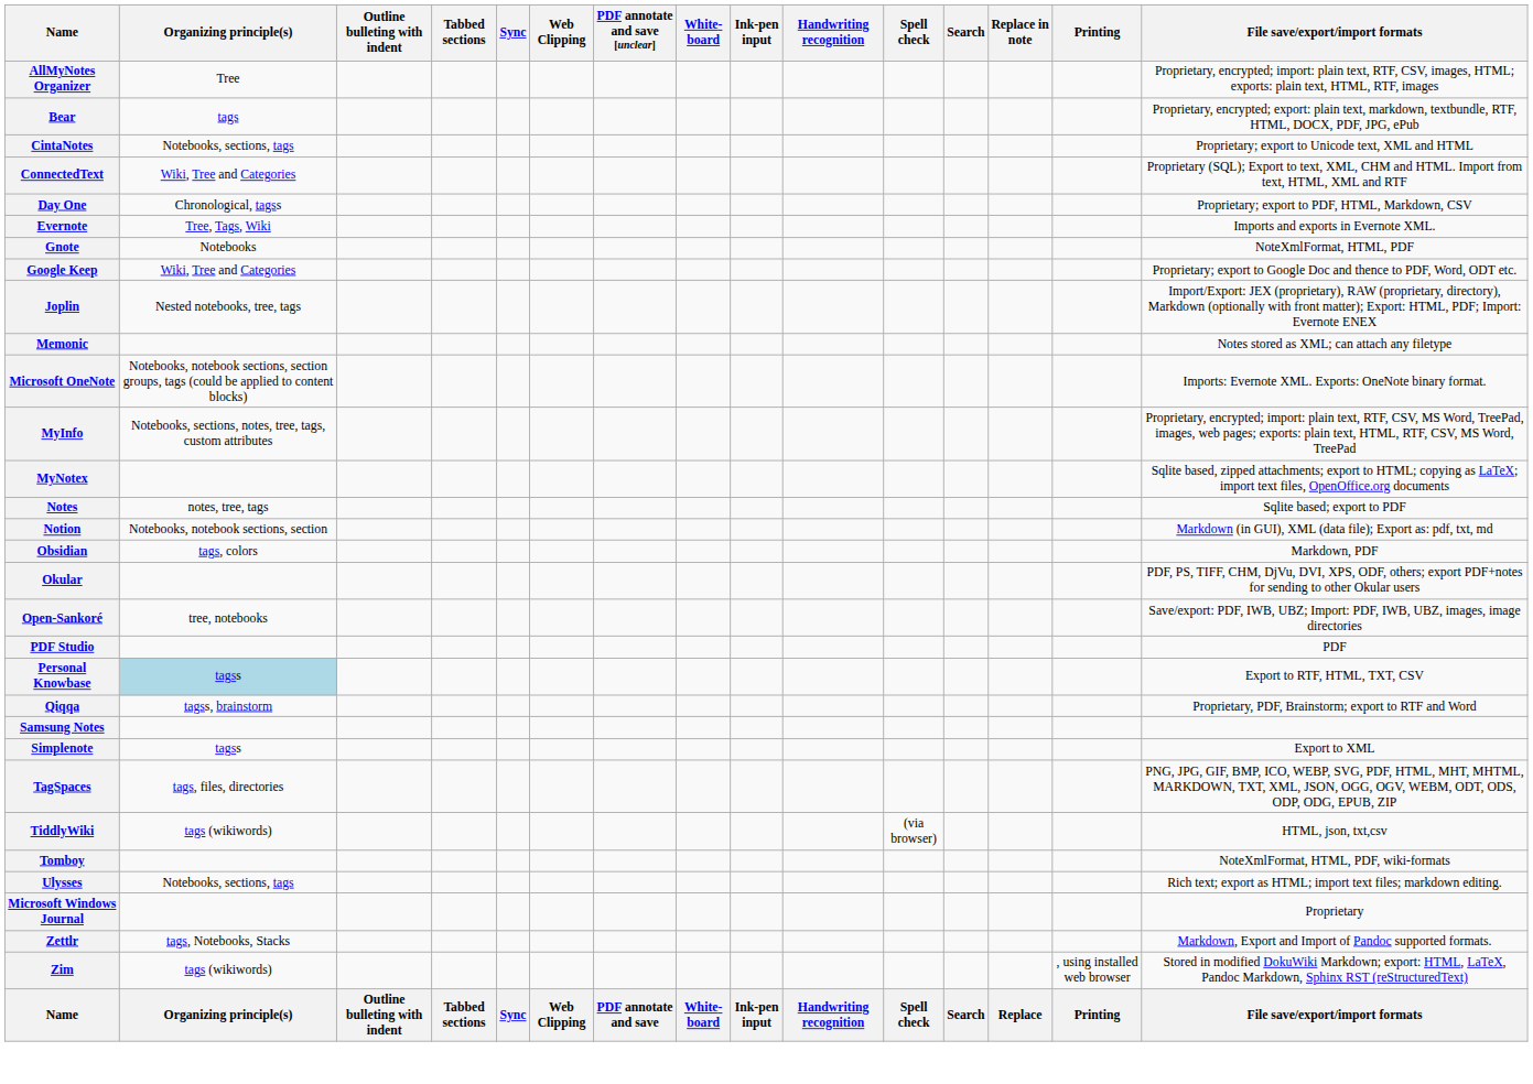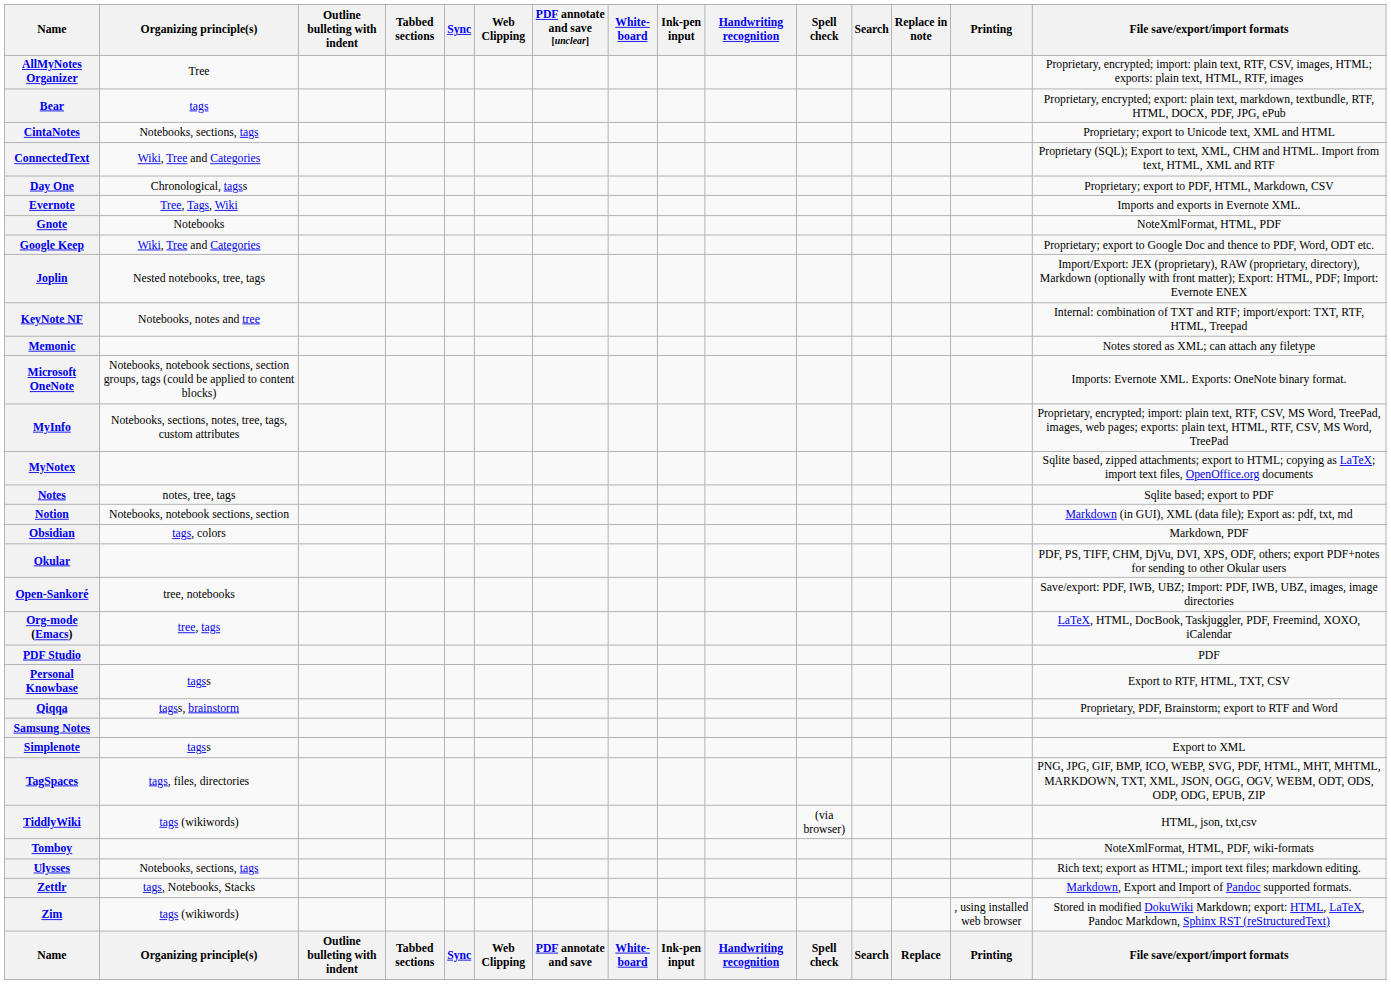 <table class="wikitable sortable sort-under sticky-header" style="font-size: smaller; text-align: center;">
 <tr>
 <th>Name</th>
 <th>Organizing principle(s)</th>
 <th>Outline bulleting with indent</th>
 <th>Tabbed sections</th>
 <th><a href='#'>Sync</a></th>
 <th>Web Clipping</th>
 <th><a href='#'>PDF</a> annotate and save<br><sup>[<em><span>unclear</span></em>]</sup></th>
 <th><a href='#'>White­board</a></th>
 <th>Ink-pen input</th>
 <th><a href='#'>Handwriting recognition</a></th>
 <th>Spell check</th>
 <th>Search</th>
 <th>Replace in note</th>
 <th>Printing</th>
 <th>File save/export/import formats</th>
 </tr>
 <tr>
 <th><a href='#'>AllMyNotes Organizer</a></th>
 <td> Tree</td>
 <td> </td>
 <td> </td>
 <td> </td>
 <td> </td>
 <td> </td>
 <td> </td>
 <td> </td>
 <td> </td>
 <td> </td>
 <td> </td>
 <td> </td>
 <td> </td>
 <td> Proprietary, encrypted; import: plain text, RTF, CSV, images, HTML; exports: plain text, HTML, RTF, images</td>
 </tr>
 <tr>
 <th><a href='#'>Bear</a></th>
 <td> <a href='#'>tags</a></td>
 <td> </td>
 <td> </td>
 <td> </td>
 <td> </td>
 <td> </td>
 <td> </td>
 <td> </td>
 <td> </td>
 <td> </td>
 <td> </td>
 <td> </td>
 <td> </td>
 <td> Proprietary, encrypted; export: plain text, markdown, textbundle, RTF, HTML, DOCX, PDF, JPG, ePub</td>
 </tr>
 <tr>
 <th><a href='#'>CintaNotes</a></th>
 <td> Notebooks, sections, <a href='#'>tags</a></td>
 <td> </td>
 <td> </td>
 <td> </td>
 <td> </td>
 <td> </td>
 <td> </td>
 <td> </td>
 <td> </td>
 <td> </td>
 <td> </td>
 <td> </td>
 <td> </td>
 <td> Proprietary; export to Unicode text, XML and HTML</td>
 </tr>
 <tr>
 <th><a href='#'>ConnectedText</a></th>
 <td> <a href='#'>Wiki</a>, <a href='#'>Tree</a> and <a href='#'>Categories</a></td>
 <td> </td>
 <td> </td>
 <td> </td>
 <td> </td>
 <td> </td>
 <td> </td>
 <td> </td>
 <td> </td>
 <td> </td>
 <td> </td>
 <td> </td>
 <td> </td>
 <td> Proprietary (SQL); Export to text, XML, CHM and HTML. Import from text, HTML, XML and RTF</td>
 </tr>
 <tr>
 <th><a href='#'>Day One</a></th>
 <td> Chronological, <a href='#'>tags</a>s</td>
 <td> </td>
 <td> </td>
 <td> </td>
 <td> </td>
 <td> </td>
 <td> </td>
 <td> </td>
 <td> </td>
 <td> </td>
 <td> </td>
 <td> </td>
 <td> </td>
 <td> Proprietary; export to PDF, HTML, Markdown, CSV</td>
 </tr>
 <tr>
 <th><a href='#'>Evernote</a></th>
 <td><a href='#'>Tree</a>, <a href='#'>Tags</a>, <a href='#'>Wiki</a></td>
 <td> </td>
 <td> </td>
 <td> </td>
 <td> </td>
 <td> </td>
 <td> </td>
 <td> </td>
 <td> </td>
 <td> </td>
 <td> </td>
 <td> </td>
 <td> </td>
 <td> Imports and exports in Evernote XML.</td>
 </tr>
 <tr>
 <th><a href='#'>Gnote</a></th>
 <td> Notebooks</td>
 <td> </td>
 <td> </td>
 <td> </td>
 <td> </td>
 <td> </td>
 <td> </td>
 <td> </td>
 <td> </td>
 <td> </td>
 <td> </td>
 <td> </td>
 <td> </td>
 <td> NoteXmlFormat, HTML, PDF</td>
 </tr>
 <tr>
 <th><a href='#'>Google Keep</a></th>
 <td> <a href='#'>Wiki</a>, <a href='#'>Tree</a> and <a href='#'>Categories</a></td>
 <td> </td>
 <td> </td>
 <td> </td>
 <td> </td>
 <td> </td>
 <td> </td>
 <td> </td>
 <td> </td>
 <td> </td>
 <td> </td>
 <td> </td>
 <td> </td>
 <td> Proprietary; export to Google Doc and thence to PDF, Word, ODT etc.</td>
 </tr>
 <tr>
 <th><a href='#'>Joplin</a></th>
 <td> Nested notebooks, tree, tags</td>
 <td> </td>
 <td> </td>
 <td> </td>
 <td> </td>
 <td> </td>
 <td> </td>
 <td> </td>
 <td> </td>
 <td> </td>
 <td> </td>
 <td> </td>
 <td> </td>
 <td> Import/Export: JEX (proprietary), RAW (proprietary, directory), Markdown (optionally with front matter); Export: HTML, PDF; Import: Evernote ENEX</td>
 </tr>
 <tr>
+<th><a href='#'>KeyNote NF</a></th>
+<td> Notebooks, notes and <a href='#'>tree</a></td>
+<td> </td>
+<td> </td>
+<td> </td>
+<td> </td>
+<td> </td>
+<td> </td>
+<td> </td>
+<td> </td>
+<td> </td>
+<td> </td>
+<td> </td>
+<td> </td>
+<td> Internal: combination of TXT and RTF; import/export: TXT, RTF, HTML, Treepad</td>
+</tr>
+<tr>
 <th><a href='#'>Memonic</a></th>
 <td> </td>
 <td> </td>
 <td> </td>
 <td> </td>
 <td> </td>
 <td> </td>
 <td> </td>
 <td> </td>
 <td> </td>
 <td> </td>
 <td> </td>
 <td> </td>
 <td> </td>
 <td> Notes stored as XML; can attach any filetype</td>
 </tr>
 <tr>
 <th><a href='#'>Microsoft OneNote</a></th>
 <td> Notebooks, notebook sections, section groups, tags (could be applied to content blocks)</td>
 <td> </td>
 <td> </td>
 <td> </td>
 <td> </td>
 <td> </td>
 <td> </td>
 <td> </td>
 <td> </td>
 <td> </td>
 <td> </td>
 <td> </td>
 <td> </td>
 <td> Imports: Evernote XML. Exports: OneNote binary format.</td>
 </tr>
 <tr>
 <th><a href='#'>MyInfo</a></th>
 <td> Notebooks, sections, notes, tree, tags, custom attributes</td>
 <td> </td>
 <td> </td>
 <td> </td>
 <td> </td>
 <td> </td>
 <td> </td>
 <td> </td>
 <td> </td>
 <td> </td>
 <td> </td>
 <td> </td>
 <td> </td>
 <td> Proprietary, encrypted; import: plain text, RTF, CSV, MS Word, TreePad, images, web pages; exports: plain text, HTML, RTF, CSV, MS Word, TreePad</td>
 </tr>
 <tr>
 <th><a href='#'>MyNotex</a></th>
 <td> </td>
 <td> </td>
 <td> </td>
 <td> </td>
 <td> </td>
 <td> </td>
 <td> </td>
 <td> </td>
 <td> </td>
 <td> </td>
 <td> </td>
 <td> </td>
 <td> </td>
 <td> Sqlite based, zipped attachments; export to HTML; copying as <a href='#'>LaTeX</a>; import text files, <a href='#'>OpenOffice.org</a> documents</td>
 </tr>
 <tr>
 <th><a href='#'>Notes</a></th>
 <td tree, tags>notes, tree, tags</td>
 <td> </td>
 <td> </td>
 <td> </td>
 <td> </td>
 <td> </td>
 <td> </td>
 <td> </td>
 <td> </td>
 <td> </td>
 <td> </td>
 <td> </td>
 <td> </td>
 <td>Sqlite based; export to PDF</td>
 </tr>
 <tr>
 <th><a href='#'>Notion</a></th>
 <td> Notebooks, notebook sections, section</td>
 <td> </td>
 <td> </td>
 <td> </td>
 <td> </td>
 <td> </td>
 <td> </td>
 <td> </td>
 <td> </td>
 <td> </td>
 <td> </td>
 <td> </td>
 <td> </td>
 <td> <a href='#'>Markdown</a> (in GUI), XML (data file); Export as: pdf, txt, md</td>
 </tr>
 <tr>
 <th><a href='#'>Obsidian</a></th>
 <td> <a href='#'>tags</a>, colors</td>
 <td> </td>
 <td> </td>
 <td> </td>
 <td> </td>
 <td> </td>
 <td> </td>
 <td> </td>
 <td> </td>
 <td> </td>
 <td> </td>
 <td> </td>
 <td> </td>
 <td> Markdown, PDF</td>
 </tr>
 <tr>
 <th><a href='#'>Okular</a></th>
 <td> </td>
 <td> </td>
 <td> </td>
 <td> </td>
 <td> </td>
 <td> </td>
 <td> </td>
 <td> </td>
 <td> </td>
 <td> </td>
 <td> </td>
 <td> </td>
 <td> </td>
 <td> PDF, PS, TIFF, CHM, DjVu, DVI, XPS, ODF, others; export PDF+notes for sending to other Okular users</td>
 </tr>
 <tr>
 <th><a href='#'>Open-Sankoré</a></th>
 <td> tree, notebooks</td>
 <td> </td>
 <td> </td>
 <td> </td>
 <td> </td>
 <td> </td>
 <td> </td>
 <td> </td>
 <td> </td>
 <td> </td>
 <td> </td>
 <td> </td>
 <td> </td>
 <td> Save/export: PDF, IWB, UBZ; Import: PDF, IWB, UBZ, images, image directories</td>
 </tr>
 <tr>
+<th><a href='#'>Org-mode</a> (<a href='#'>Emacs</a>)</th>
+<td> <a href='#'>tree</a>, <a href='#'>tags</a></td>
+<td> </td>
+<td> </td>
+<td> </td>
+<td> </td>
+<td> </td>
+<td> </td>
+<td> </td>
+<td> </td>
+<td> </td>
+<td> </td>
+<td> </td>
+<td> </td>
+<td> <a href='#'>LaTeX</a>, HTML, DocBook, Taskjuggler, PDF, Freemind, XOXO, iCalendar</td>
+</tr>
+<tr>
 <th><a href='#'>PDF Studio</a></th>
 <td> </td>
 <td> </td>
 <td> </td>
 <td> </td>
 <td> </td>
 <td> </td>
 <td> </td>
 <td> </td>
 <td> </td>
 <td> </td>
 <td> </td>
 <td> </td>
 <td> </td>
 <td> PDF</td>
 </tr>
 <tr>
 <th><a href='#'>Personal Knowbase</a></th>
-<td style="background: lightblue;"> <a href='#'>tags</a>s</td>
+<td> <a href='#'>tags</a>s</td>
 <td> </td>
 <td> </td>
 <td> </td>
 <td> </td>
 <td> </td>
 <td> </td>
 <td> </td>
 <td> </td>
 <td> </td>
 <td> </td>
 <td> </td>
 <td> </td>
 <td> Export to RTF, HTML, TXT, CSV</td>
 </tr>
 <tr>
 <th><a href='#'>Qiqqa</a></th>
 <td> <a href='#'>tags</a>s, <a href='#'>brainstorm</a></td>
 <td> </td>
 <td> </td>
 <td> </td>
 <td> </td>
 <td> </td>
 <td> </td>
 <td> </td>
 <td> </td>
 <td> </td>
 <td> </td>
 <td> </td>
 <td> </td>
 <td> Proprietary, PDF, Brainstorm; export to RTF and Word</td>
 </tr>
 <tr>
 <th><a href='#'>Samsung Notes</a></th>
 <td></td>
 <td> </td>
 <td> </td>
 <td> </td>
 <td> </td>
 <td> </td>
 <td> </td>
 <td> </td>
 <td> </td>
 <td> </td>
 <td> </td>
 <td> </td>
 <td> </td>
 <td></td>
 </tr>
 <tr>
 <th><a href='#'>Simplenote</a></th>
 <td> <a href='#'>tags</a>s</td>
 <td> </td>
 <td> </td>
 <td> </td>
 <td> </td>
 <td> </td>
 <td> </td>
 <td> </td>
 <td> </td>
 <td> </td>
 <td> </td>
 <td> </td>
 <td> </td>
 <td> Export to XML</td>
 </tr>
 <tr>
 <th><a href='#'>TagSpaces</a></th>
 <td> <a href='#'>tags</a>, files, directories</td>
 <td> </td>
 <td> </td>
 <td> </td>
 <td> </td>
 <td> </td>
 <td> </td>
 <td> </td>
 <td> </td>
 <td> </td>
 <td> </td>
 <td> </td>
 <td> </td>
 <td> PNG, JPG, GIF, BMP, ICO, WEBP, SVG, PDF, HTML, MHT, MHTML, MARKDOWN, TXT, XML, JSON, OGG, OGV, WEBM, ODT, ODS, ODP, ODG, EPUB, ZIP</td>
 </tr>
 <tr>
 <th><a href='#'>TiddlyWiki</a></th>
 <td> <a href='#'>tags</a> (wikiwords)</td>
 <td> </td>
 <td> </td>
 <td> </td>
 <td> </td>
 <td> </td>
 <td> </td>
 <td> </td>
 <td> </td>
 <td> (via browser)</td>
 <td> </td>
 <td> </td>
 <td> </td>
 <td>HTML, json, txt,csv</td>
 </tr>
 <tr>
 <th><a href='#'>Tomboy</a></th>
 <td> </td>
 <td> </td>
 <td> </td>
 <td> </td>
 <td> </td>
 <td> </td>
 <td> </td>
 <td> </td>
 <td> </td>
 <td> </td>
 <td> </td>
 <td> </td>
 <td> </td>
 <td> NoteXmlFormat, HTML, PDF, wiki-formats</td>
 </tr>
 <tr>
 <th><a href='#'>Ulysses</a></th>
 <td> Notebooks, sections, <a href='#'>tags</a></td>
 <td> </td>
 <td> </td>
 <td> </td>
 <td> </td>
 <td> </td>
 <td> </td>
 <td> </td>
 <td> </td>
 <td> </td>
 <td> </td>
 <td> </td>
 <td> </td>
 <td> Rich text; export as HTML; import text files; markdown editing.</td>
 </tr>
 <tr>
-<th><a href='#'>Microsoft Windows Journal</a></th>
-<td> </td>
-<td> </td>
-<td> </td>
-<td> </td>
-<td> </td>
-<td> </td>
-<td> </td>
-<td> </td>
-<td> </td>
-<td> </td>
-<td> </td>
-<td> </td>
-<td> </td>
-<td> Proprietary</td>
-</tr>
-<tr>
 <th><a href='#'>Zettlr</a></th>
 <td> <a href='#'>tags</a>, Notebooks, Stacks</td>
 <td> </td>
 <td> </td>
 <td> </td>
 <td> </td>
 <td> </td>
 <td> </td>
 <td> </td>
 <td> </td>
 <td> </td>
 <td> </td>
 <td> </td>
 <td> </td>
 <td> <a href='#'>Markdown</a>, Export and Import of <a href='#'>Pandoc</a> supported formats.</td>
 </tr>
 <tr>
 <th><a href='#'>Zim</a></th>
 <td> <a href='#'>tags</a> (wikiwords)</td>
 <td> </td>
 <td> </td>
 <td> </td>
 <td> </td>
 <td> </td>
 <td> </td>
 <td> </td>
 <td> </td>
 <td> </td>
 <td> </td>
 <td> </td>
 <td> , using installed web browser</td>
 <td> Stored in modified <a href='#'>DokuWiki</a> Markdown; export: <a href='#'>HTML</a>, <a href='#'>LaTeX</a>, Pandoc Markdown, <a href='#'>Sphinx RST (reStructuredText)</a></td>
 </tr>
 <tr>
 <th>Name</th>
 <th>Organizing principle(s)</th>
 <th>Outline bulleting with indent</th>
 <th>Tabbed sections</th>
 <th><a href='#'>Sync</a></th>
 <th>Web Clipping</th>
 <th><a href='#'>PDF</a> annotate and save</th>
 <th><a href='#'>White­board</a></th>
 <th>Ink-pen input</th>
 <th><a href='#'>Handwriting recognition</a></th>
 <th>Spell check</th>
 <th>Search</th>
 <th>Replace</th>
 <th>Printing</th>
 <th>File save/export/import formats</th>
 </tr>
 </table>
